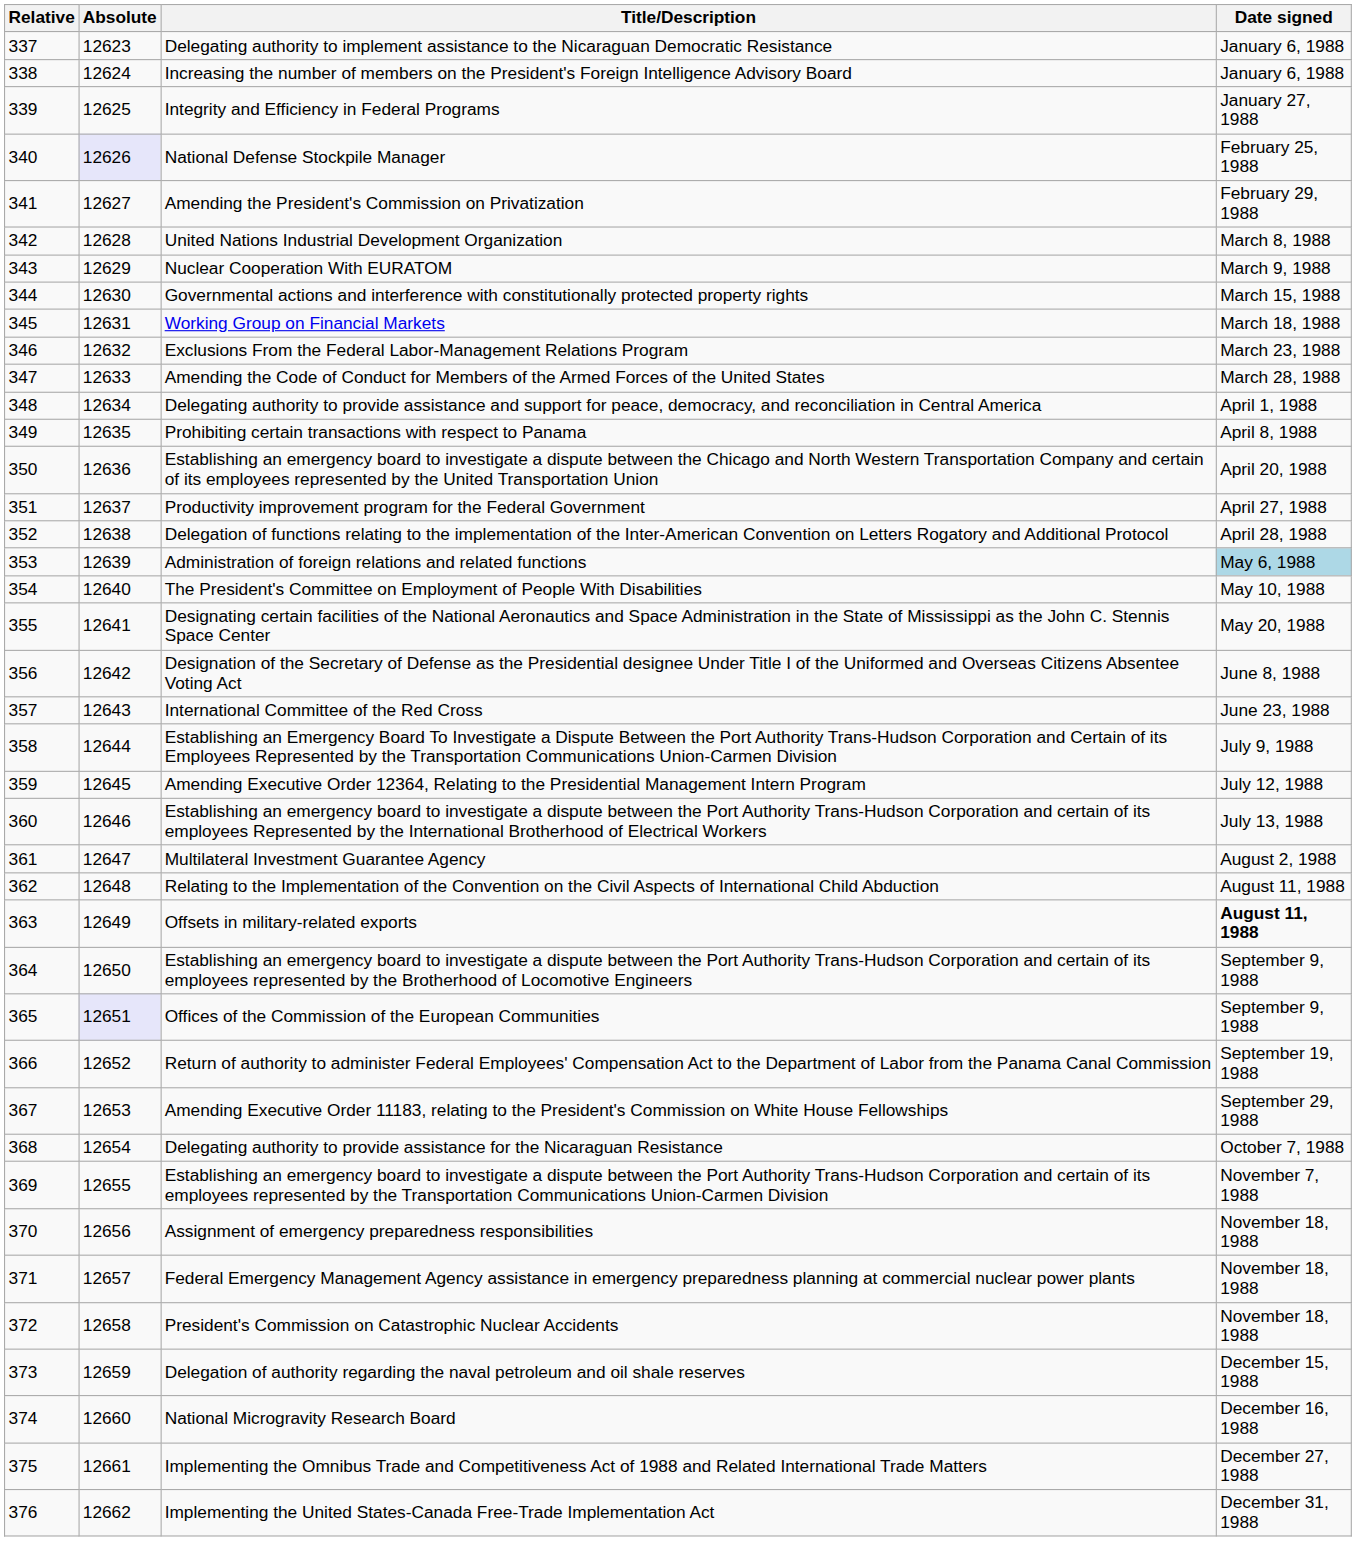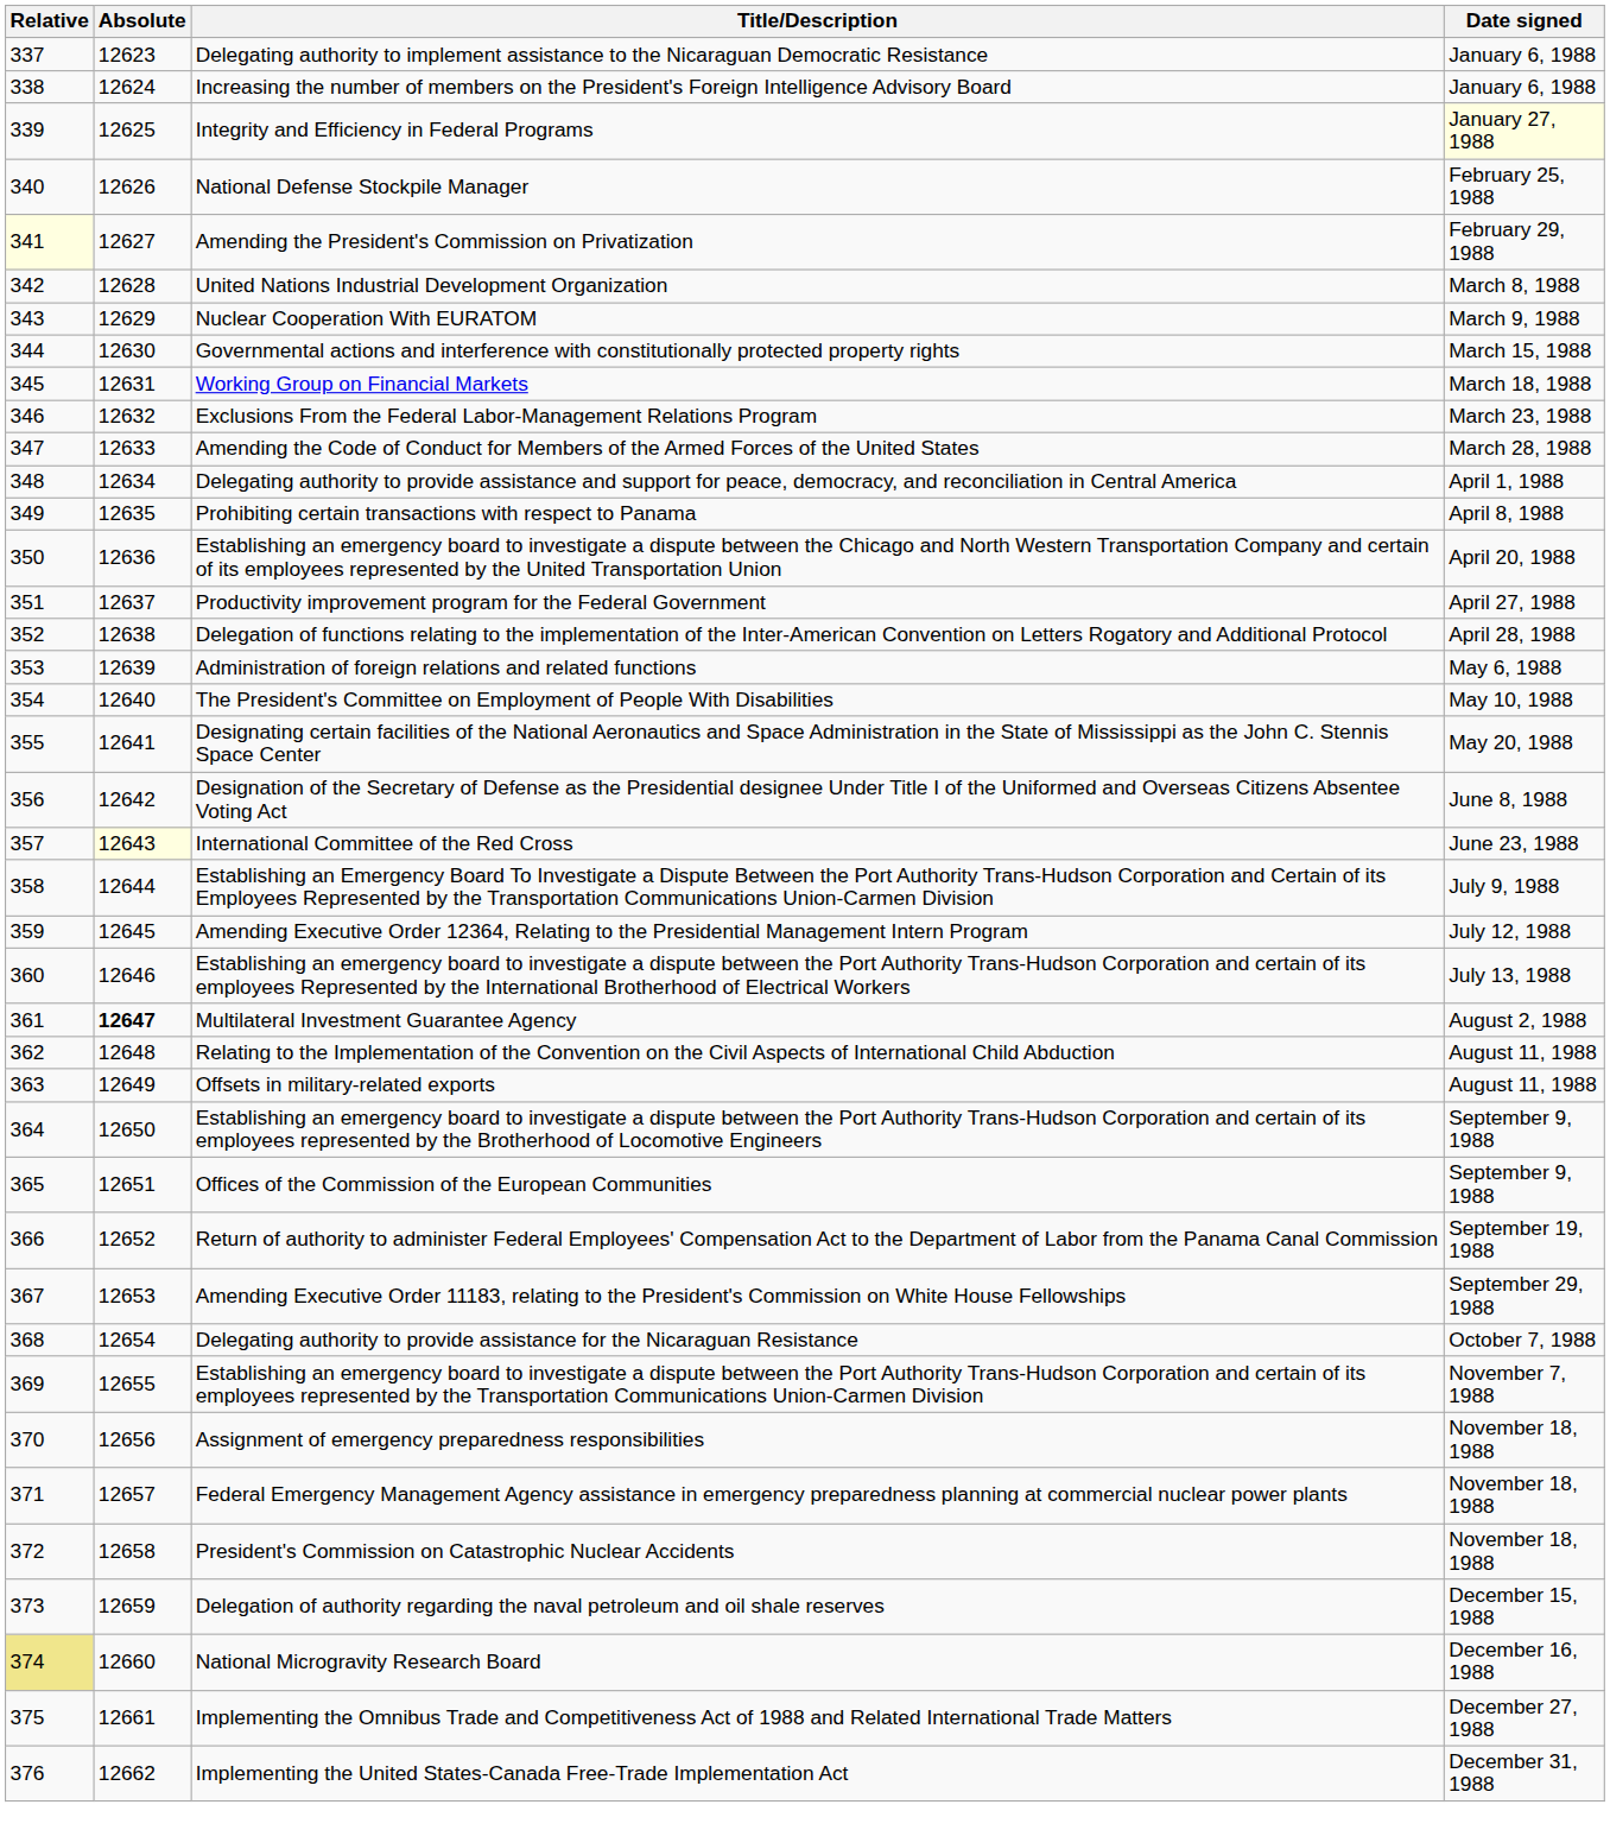 <table class="wikitable">
 <tr>
 <th>Relative </th>
 <th>Absolute </th>
 <th>Title/Description</th>
 <th>Date signed</th>
 </tr>
 <tr>
 <td>337</td>
 <td>12623</td>
 <td>Delegating authority to implement assistance to the Nicaraguan Democratic Resistance</td>
 <td>January 6, 1988</td>
 </tr>
 <tr>
 <td>338</td>
 <td>12624</td>
 <td>Increasing the number of members on the President's Foreign Intelligence Advisory Board</td>
 <td>January 6, 1988</td>
 </tr>
 <tr>
 <td>339</td>
 <td>12625</td>
 <td>Integrity and Efficiency in Federal Programs</td>
-<td>January 27, 1988</td>
+<td style="background: lightyellow;">January 27, 1988</td>
 </tr>
 <tr>
 <td>340</td>
-<td style="background: lavender;">12626</td>
+<td>12626</td>
 <td>National Defense Stockpile Manager</td>
 <td>February 25, 1988</td>
 </tr>
 <tr>
-<td>341</td>
+<td style="background: lightyellow;">341</td>
 <td>12627</td>
 <td>Amending the President's Commission on Privatization</td>
 <td>February 29, 1988</td>
 </tr>
 <tr>
 <td>342</td>
 <td>12628</td>
 <td>United Nations Industrial Development Organization</td>
 <td>March 8, 1988</td>
 </tr>
 <tr>
 <td>343</td>
 <td>12629</td>
 <td>Nuclear Cooperation With EURATOM</td>
 <td>March 9, 1988</td>
 </tr>
 <tr>
 <td>344</td>
 <td>12630</td>
 <td>Governmental actions and interference with constitutionally protected property rights</td>
 <td>March 15, 1988</td>
 </tr>
 <tr>
 <td>345</td>
 <td>12631</td>
 <td><a href='#'>Working Group on Financial Markets</a></td>
 <td>March 18, 1988</td>
 </tr>
 <tr>
 <td>346</td>
 <td>12632</td>
 <td>Exclusions From the Federal Labor-Management Relations Program</td>
 <td>March 23, 1988</td>
 </tr>
 <tr>
 <td>347</td>
 <td>12633</td>
 <td>Amending the Code of Conduct for Members of the Armed Forces of the United States</td>
 <td>March 28, 1988</td>
 </tr>
 <tr>
 <td>348</td>
 <td>12634</td>
 <td>Delegating authority to provide assistance and support for peace, democracy, and reconciliation in Central America</td>
 <td>April 1, 1988</td>
 </tr>
 <tr>
 <td>349</td>
 <td>12635</td>
 <td>Prohibiting certain transactions with respect to Panama</td>
 <td>April 8, 1988</td>
 </tr>
 <tr>
 <td>350</td>
 <td>12636</td>
 <td>Establishing an emergency board to investigate a dispute between the Chicago and North Western Transportation Company and certain of its employees represented by the United Transportation Union</td>
 <td>April 20, 1988</td>
 </tr>
 <tr>
 <td>351</td>
 <td>12637</td>
 <td>Productivity improvement program for the Federal Government</td>
 <td>April 27, 1988</td>
 </tr>
 <tr>
 <td>352</td>
 <td>12638</td>
 <td>Delegation of functions relating to the implementation of the Inter-American Convention on Letters Rogatory and Additional Protocol</td>
 <td>April 28, 1988</td>
 </tr>
 <tr>
 <td>353</td>
 <td>12639</td>
 <td>Administration of foreign relations and related functions</td>
-<td style="background: lightblue;">May 6, 1988</td>
+<td>May 6, 1988</td>
 </tr>
 <tr>
 <td>354</td>
 <td>12640</td>
 <td>The President's Committee on Employment of People With Disabilities</td>
 <td>May 10, 1988</td>
 </tr>
 <tr>
 <td>355</td>
 <td>12641</td>
 <td>Designating certain facilities of the National Aeronautics and Space Administration in the State of Mississippi as the John C. Stennis Space Center</td>
 <td>May 20, 1988</td>
 </tr>
 <tr>
 <td>356</td>
 <td>12642</td>
 <td>Designation of the Secretary of Defense as the Presidential designee Under Title I of the Uniformed and Overseas Citizens Absentee Voting Act</td>
 <td>June 8, 1988</td>
 </tr>
 <tr>
 <td>357</td>
-<td>12643</td>
+<td style="background: lightyellow;">12643</td>
 <td>International Committee of the Red Cross</td>
 <td>June 23, 1988</td>
 </tr>
 <tr>
 <td>358</td>
 <td>12644</td>
 <td>Establishing an Emergency Board To Investigate a Dispute Between the Port Authority Trans-Hudson Corporation and Certain of its Employees Represented by the Transportation Communications Union-Carmen Division</td>
 <td>July 9, 1988</td>
 </tr>
 <tr>
 <td>359</td>
 <td>12645</td>
 <td>Amending Executive Order 12364, Relating to the Presidential Management Intern Program</td>
 <td>July 12, 1988</td>
 </tr>
 <tr>
 <td>360</td>
 <td>12646</td>
 <td>Establishing an emergency board to investigate a dispute between the Port Authority Trans-Hudson Corporation and certain of its employees Represented by the International Brotherhood of Electrical Workers</td>
 <td>July 13, 1988</td>
 </tr>
 <tr>
 <td>361</td>
-<td>12647</td>
+<td><strong>12647</strong></td>
 <td>Multilateral Investment Guarantee Agency</td>
 <td>August 2, 1988</td>
 </tr>
 <tr>
 <td>362</td>
 <td>12648</td>
 <td>Relating to the Implementation of the Convention on the Civil Aspects of International Child Abduction</td>
 <td>August 11, 1988</td>
 </tr>
 <tr>
 <td>363</td>
 <td>12649</td>
 <td>Offsets in military-related exports</td>
-<td><strong>August 11, 1988</strong></td>
+<td>August 11, 1988</td>
 </tr>
 <tr>
 <td>364</td>
 <td>12650</td>
 <td>Establishing an emergency board to investigate a dispute between the Port Authority Trans-Hudson Corporation and certain of its employees represented by the Brotherhood of Locomotive Engineers</td>
 <td>September 9, 1988</td>
 </tr>
 <tr>
 <td>365</td>
-<td style="background: lavender;">12651</td>
+<td>12651</td>
 <td>Offices of the Commission of the European Communities</td>
 <td>September 9, 1988</td>
 </tr>
 <tr>
 <td>366</td>
 <td>12652</td>
 <td>Return of authority to administer Federal Employees' Compensation Act to the Department of Labor from the Panama Canal Commission</td>
 <td>September 19, 1988</td>
 </tr>
 <tr>
 <td>367</td>
 <td>12653</td>
 <td>Amending Executive Order 11183, relating to the President's Commission on White House Fellowships</td>
 <td>September 29, 1988</td>
 </tr>
 <tr>
 <td>368</td>
 <td>12654</td>
 <td>Delegating authority to provide assistance for the Nicaraguan Resistance</td>
 <td>October 7, 1988</td>
 </tr>
 <tr>
 <td>369</td>
 <td>12655</td>
 <td>Establishing an emergency board to investigate a dispute between the Port Authority Trans-Hudson Corporation and certain of its employees represented by the Transportation Communications Union-Carmen Division</td>
 <td>November 7, 1988</td>
 </tr>
 <tr>
 <td>370</td>
 <td>12656</td>
 <td>Assignment of emergency preparedness responsibilities</td>
 <td>November 18, 1988</td>
 </tr>
 <tr>
 <td>371</td>
 <td>12657</td>
 <td>Federal Emergency Management Agency assistance in emergency preparedness planning at commercial nuclear power plants</td>
 <td>November 18, 1988</td>
 </tr>
 <tr>
 <td>372</td>
 <td>12658</td>
 <td>President's Commission on Catastrophic Nuclear Accidents</td>
 <td>November 18, 1988</td>
 </tr>
 <tr>
 <td>373</td>
 <td>12659</td>
 <td>Delegation of authority regarding the naval petroleum and oil shale reserves</td>
 <td>December 15, 1988</td>
 </tr>
 <tr>
-<td>374</td>
+<td style="background: khaki;">374</td>
 <td>12660</td>
 <td>National Microgravity Research Board</td>
 <td>December 16, 1988</td>
 </tr>
 <tr>
 <td>375</td>
 <td>12661</td>
 <td>Implementing the Omnibus Trade and Competitiveness Act of 1988 and Related International Trade Matters</td>
 <td>December 27, 1988</td>
 </tr>
 <tr>
 <td>376</td>
 <td>12662</td>
 <td>Implementing the United States-Canada Free-Trade Implementation Act</td>
 <td>December 31, 1988</td>
 </tr>
 </table>
